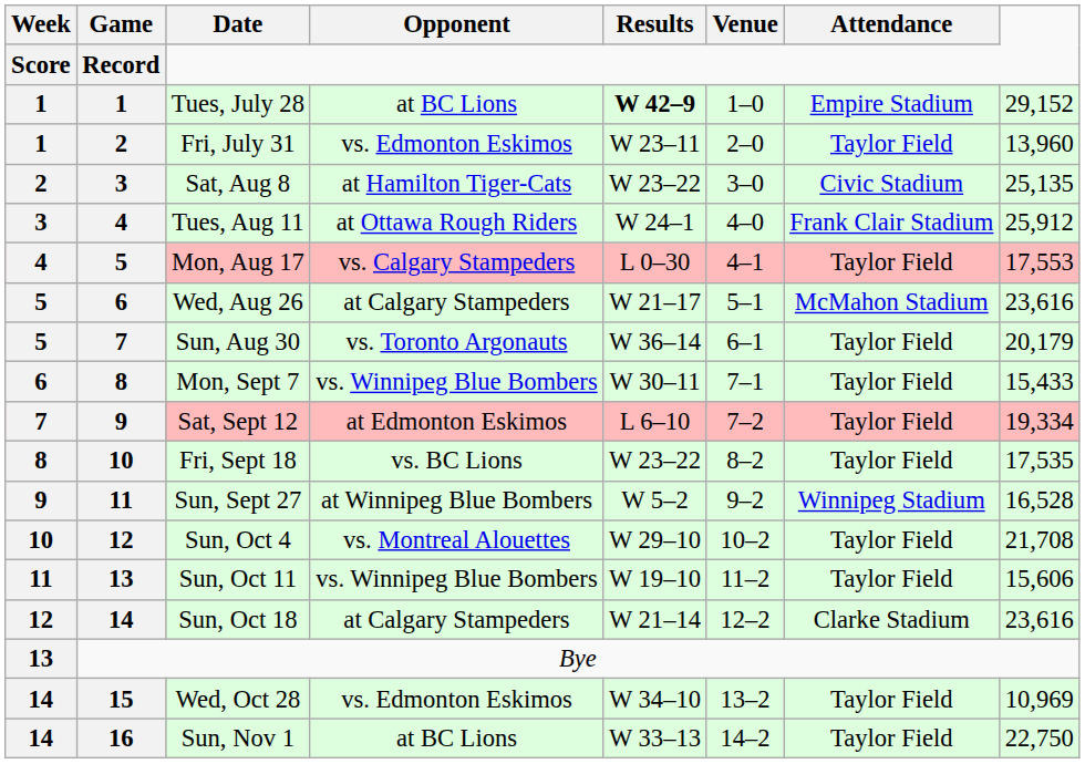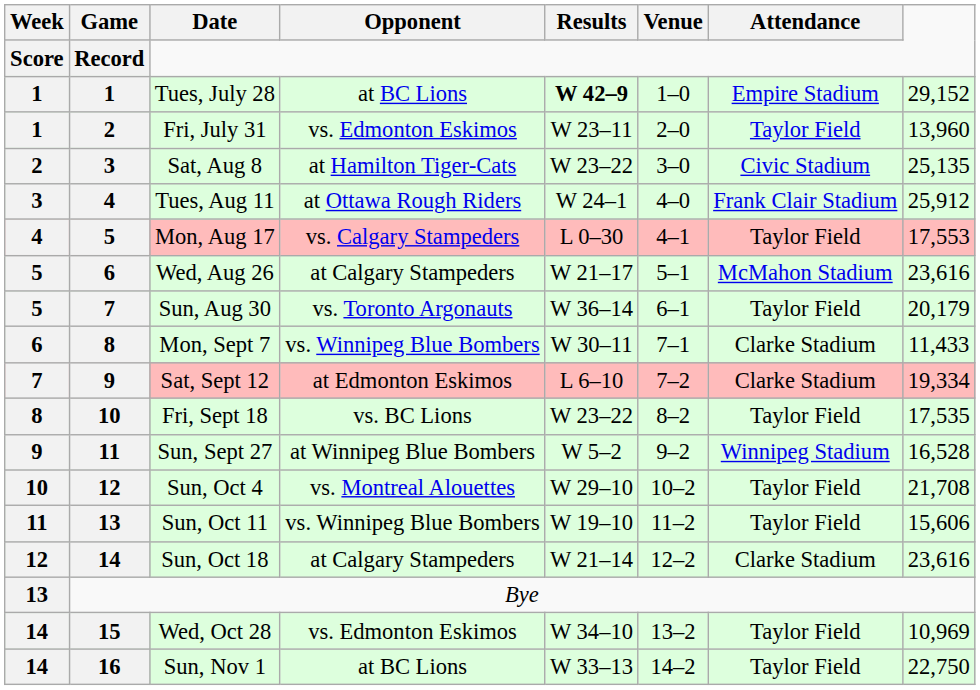 <table class="wikitable" style="text-align:center">
 <tr>
 <th>Week</th>
 <th>Game</th>
 <th>Date</th>
 <th>Opponent</th>
 <th>Results</th>
 <th>Venue</th>
 <th>Attendance</th>
 </tr>
 <tr>
 <th>Score</th>
 <th>Record</th>
 </tr>
 <tr style="background:#ddffdd">
 <th>1</th>
 <th>1</th>
 <td>Tues, July 28</td>
 <td>at <a href='#'>BC Lions</a></td>
 <td><strong>W 42–9</strong></td>
 <td>1–0</td>
 <td><a href='#'>Empire Stadium</a></td>
 <td>29,152</td>
 </tr>
 <tr style="background:#ddffdd">
 <th>1</th>
 <th>2</th>
 <td>Fri, July 31</td>
 <td>vs. <a href='#'>Edmonton Eskimos</a></td>
 <td>W 23–11</td>
 <td>2–0</td>
 <td><a href='#'>Taylor Field</a></td>
 <td>13,960</td>
 </tr>
 <tr style="background:#ddffdd">
 <th>2</th>
 <th>3</th>
 <td>Sat, Aug 8</td>
 <td>at <a href='#'>Hamilton Tiger-Cats</a></td>
 <td>W 23–22</td>
 <td>3–0</td>
 <td><a href='#'>Civic Stadium</a></td>
 <td>25,135</td>
 </tr>
 <tr style="background:#ddffdd">
 <th>3</th>
 <th>4</th>
 <td>Tues, Aug 11</td>
 <td>at <a href='#'>Ottawa Rough Riders</a></td>
 <td>W 24–1</td>
 <td>4–0</td>
 <td><a href='#'>Frank Clair Stadium</a></td>
 <td>25,912</td>
 </tr>
 <tr style="background:#ffbbbb">
 <th>4</th>
 <th>5</th>
 <td>Mon, Aug 17</td>
 <td>vs. <a href='#'>Calgary Stampeders</a></td>
 <td>L 0–30</td>
 <td>4–1</td>
 <td>Taylor Field</td>
 <td>17,553</td>
 </tr>
 <tr style="background:#ddffdd">
 <th>5</th>
 <th>6</th>
 <td>Wed, Aug 26</td>
 <td>at Calgary Stampeders</td>
 <td>W 21–17</td>
 <td>5–1</td>
 <td><a href='#'>McMahon Stadium</a></td>
 <td>23,616</td>
 </tr>
 <tr style="background:#ddffdd">
 <th>5</th>
 <th>7</th>
 <td>Sun, Aug 30</td>
 <td>vs. <a href='#'>Toronto Argonauts</a></td>
 <td>W 36–14</td>
 <td>6–1</td>
 <td>Taylor Field</td>
 <td>20,179</td>
 </tr>
 <tr style="background:#ddffdd">
 <th>6</th>
 <th>8</th>
 <td>Mon, Sept 7</td>
 <td>vs. <a href='#'>Winnipeg Blue Bombers</a></td>
 <td>W 30–11</td>
 <td>7–1</td>
-<td>Taylor Field</td>
-<td>15,433</td>
+<td>Clarke Stadium</td>
+<td>11,433</td>
 </tr>
 <tr style="background:#ffbbbb">
 <th>7</th>
 <th>9</th>
 <td>Sat, Sept 12</td>
 <td>at Edmonton Eskimos</td>
 <td>L 6–10</td>
 <td>7–2</td>
-<td>Taylor Field</td>
+<td>Clarke Stadium</td>
 <td>19,334</td>
 </tr>
 <tr style="background:#ddffdd">
 <th>8</th>
 <th>10</th>
 <td>Fri, Sept 18</td>
 <td>vs. BC Lions</td>
 <td>W 23–22</td>
 <td>8–2</td>
 <td>Taylor Field</td>
 <td>17,535</td>
 </tr>
 <tr style="background:#ddffdd">
 <th>9</th>
 <th>11</th>
 <td>Sun, Sept 27</td>
 <td>at Winnipeg Blue Bombers</td>
 <td>W 5–2</td>
 <td>9–2</td>
 <td><a href='#'>Winnipeg Stadium</a></td>
 <td>16,528</td>
 </tr>
 <tr style="background:#ddffdd">
 <th>10</th>
 <th>12</th>
 <td>Sun, Oct 4</td>
 <td>vs. <a href='#'>Montreal Alouettes</a></td>
 <td>W 29–10</td>
 <td>10–2</td>
 <td>Taylor Field</td>
 <td>21,708</td>
 </tr>
 <tr style="background:#ddffdd">
 <th>11</th>
 <th>13</th>
 <td>Sun, Oct 11</td>
 <td>vs. Winnipeg Blue Bombers</td>
 <td>W 19–10</td>
 <td>11–2</td>
 <td>Taylor Field</td>
 <td>15,606</td>
 </tr>
 <tr style="background:#ddffdd">
 <th>12</th>
 <th>14</th>
 <td>Sun, Oct 18</td>
 <td>at Calgary Stampeders</td>
 <td>W 21–14</td>
 <td>12–2</td>
 <td>Clarke Stadium</td>
 <td>23,616</td>
 </tr>
 <tr>
 <th>13</th>
 <td colspan="7"><em>Bye</em></td>
 </tr>
 <tr style="background:#ddffdd">
 <th>14</th>
 <th>15</th>
 <td>Wed, Oct 28</td>
 <td>vs. Edmonton Eskimos</td>
 <td>W 34–10</td>
 <td>13–2</td>
 <td>Taylor Field</td>
 <td>10,969</td>
 </tr>
 <tr style="background:#ddffdd">
 <th>14</th>
 <th>16</th>
 <td>Sun, Nov 1</td>
 <td>at BC Lions</td>
 <td>W 33–13</td>
 <td>14–2</td>
 <td>Taylor Field</td>
 <td>22,750</td>
 </tr>
 </table>
